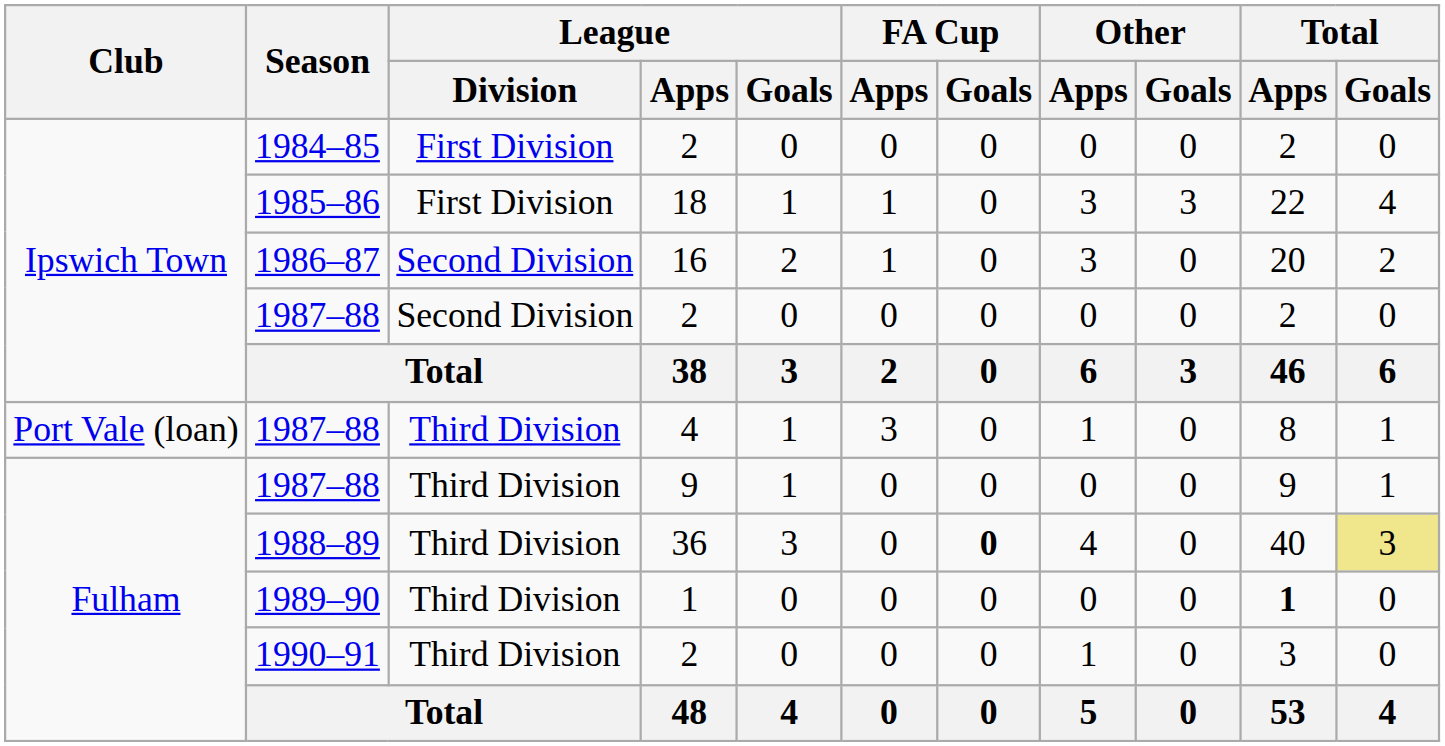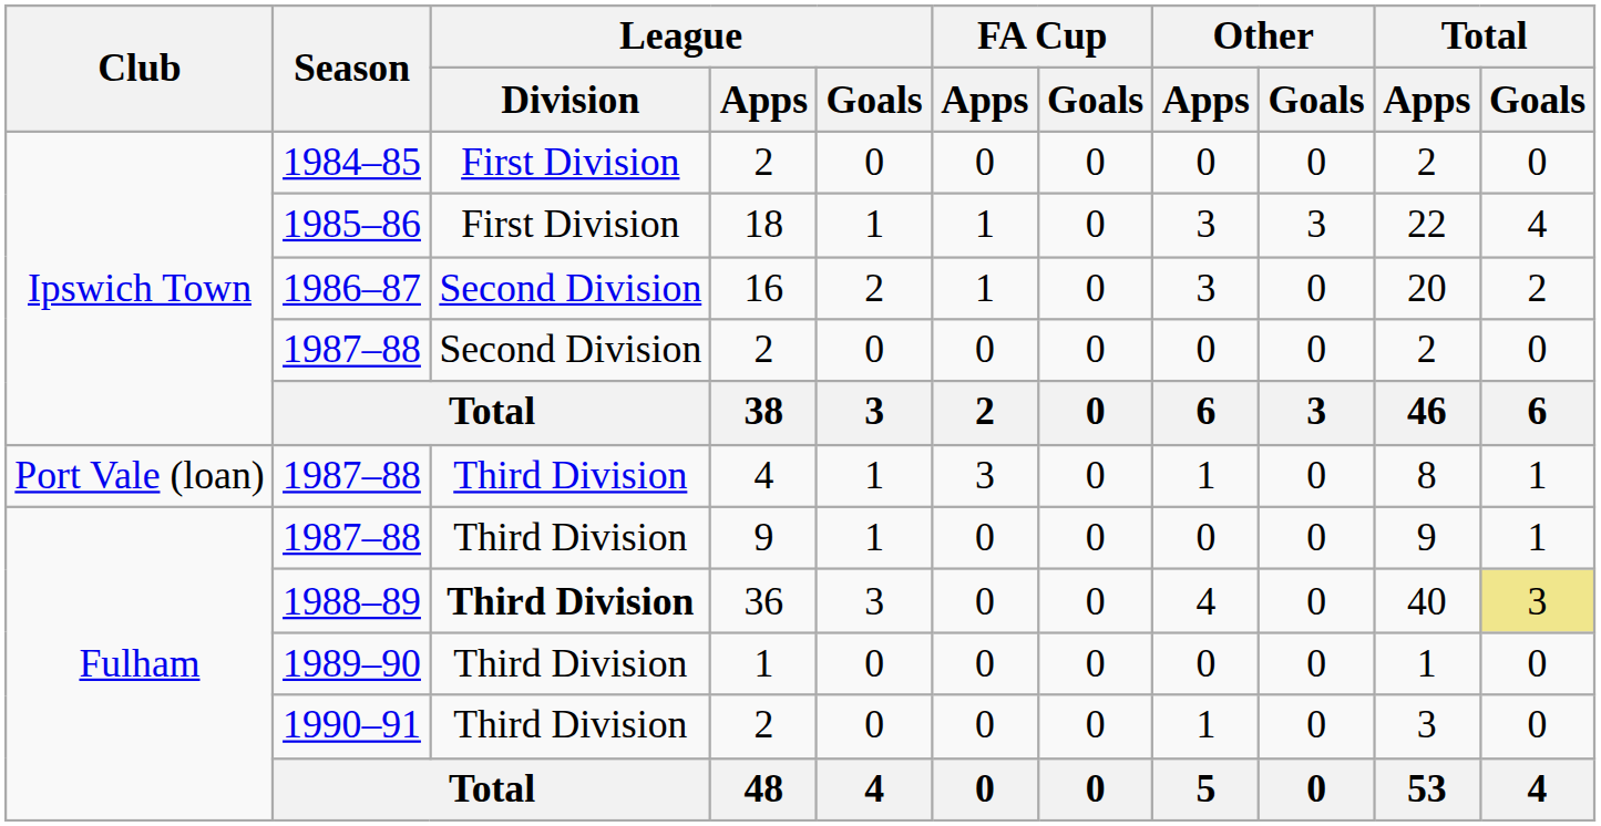 <table class="wikitable" style="text-align: center;">
 <tr>
 <th rowspan="2">Club</th>
 <th rowspan="2">Season</th>
 <th colspan="3">League</th>
 <th colspan="2">FA Cup</th>
 <th colspan="2">Other</th>
 <th colspan="2">Total</th>
 </tr>
 <tr>
 <th>Division</th>
 <th>Apps</th>
 <th>Goals</th>
 <th>Apps</th>
 <th>Goals</th>
 <th>Apps</th>
 <th>Goals</th>
 <th>Apps</th>
 <th>Goals</th>
 </tr>
 <tr>
 <td rowspan="5"><a href='#'>Ipswich Town</a></td>
 <td><a href='#'>1984–85</a></td>
 <td><a href='#'>First Division</a></td>
 <td>2</td>
 <td>0</td>
 <td>0</td>
 <td>0</td>
 <td>0</td>
 <td>0</td>
 <td>2</td>
 <td>0</td>
 </tr>
 <tr>
 <td><a href='#'>1985–86</a></td>
 <td>First Division</td>
 <td>18</td>
 <td>1</td>
 <td>1</td>
 <td>0</td>
 <td>3</td>
 <td>3</td>
 <td>22</td>
 <td>4</td>
 </tr>
 <tr>
 <td><a href='#'>1986–87</a></td>
 <td><a href='#'>Second Division</a></td>
 <td>16</td>
 <td>2</td>
 <td>1</td>
 <td>0</td>
 <td>3</td>
 <td>0</td>
 <td>20</td>
 <td>2</td>
 </tr>
 <tr>
 <td><a href='#'>1987–88</a></td>
 <td>Second Division</td>
 <td>2</td>
 <td>0</td>
 <td>0</td>
 <td>0</td>
 <td>0</td>
 <td>0</td>
 <td>2</td>
 <td>0</td>
 </tr>
 <tr>
 <th colspan="2">Total</th>
 <th>38</th>
 <th>3</th>
 <th>2</th>
 <th>0</th>
 <th>6</th>
 <th>3</th>
 <th>46</th>
 <th>6</th>
 </tr>
 <tr>
 <td><a href='#'>Port Vale</a> (loan)</td>
 <td><a href='#'>1987–88</a></td>
 <td><a href='#'>Third Division</a></td>
 <td>4</td>
 <td>1</td>
 <td>3</td>
 <td>0</td>
 <td>1</td>
 <td>0</td>
 <td>8</td>
 <td>1</td>
 </tr>
 <tr>
 <td rowspan="5"><a href='#'>Fulham</a></td>
 <td><a href='#'>1987–88</a></td>
 <td>Third Division</td>
 <td>9</td>
 <td>1</td>
 <td>0</td>
 <td>0</td>
 <td>0</td>
 <td>0</td>
 <td>9</td>
 <td>1</td>
 </tr>
 <tr>
 <td><a href='#'>1988–89</a></td>
-<td>Third Division</td>
+<td><strong>Third Division</strong></td>
 <td>36</td>
 <td>3</td>
 <td>0</td>
-<td><strong>0</strong></td>
+<td>0</td>
 <td>4</td>
 <td>0</td>
 <td>40</td>
 <td style="background: khaki;">3</td>
 </tr>
 <tr>
 <td><a href='#'>1989–90</a></td>
 <td>Third Division</td>
 <td>1</td>
 <td>0</td>
 <td>0</td>
 <td>0</td>
 <td>0</td>
 <td>0</td>
-<td><strong>1</strong></td>
+<td>1</td>
 <td>0</td>
 </tr>
 <tr>
 <td><a href='#'>1990–91</a></td>
 <td>Third Division</td>
 <td>2</td>
 <td>0</td>
 <td>0</td>
 <td>0</td>
 <td>1</td>
 <td>0</td>
 <td>3</td>
 <td>0</td>
 </tr>
 <tr>
 <th colspan="2">Total</th>
 <th>48</th>
 <th>4</th>
 <th>0</th>
 <th>0</th>
 <th>5</th>
 <th>0</th>
 <th>53</th>
 <th>4</th>
 </tr>
 </table>
